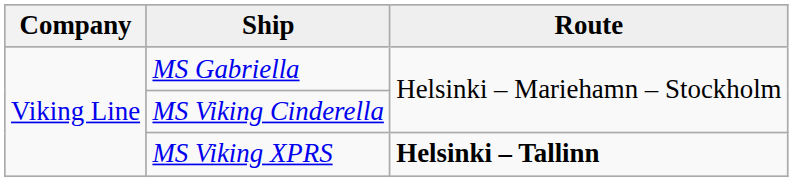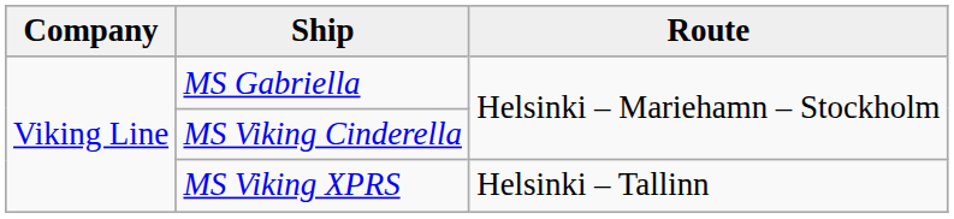 <table class="wikitable">
 <tr>
 <th>Company</th>
 <th style="background: #efefef; border-bottom: 1px;">Ship</th>
 <th style="background: #efefef; border-bottom: 1px;">Route</th>
 </tr>
 <tr>
 <td rowspan="3"> <a href='#'>Viking Line</a></td>
 <td rowspan="1"><em><a href='#'>MS Gabriella</a></em></td>
 <td rowspan="2">Helsinki – Mariehamn – Stockholm</td>
 </tr>
 <tr>
 <td rowspan="1"><em><a href='#'>MS Viking Cinderella</a></em></td>
 </tr>
 <tr>
 <td><em><a href='#'>MS Viking XPRS</a></em></td>
-<td><strong>Helsinki – Tallinn</strong></td>
+<td>Helsinki – Tallinn</td>
 </tr>
 </table>
